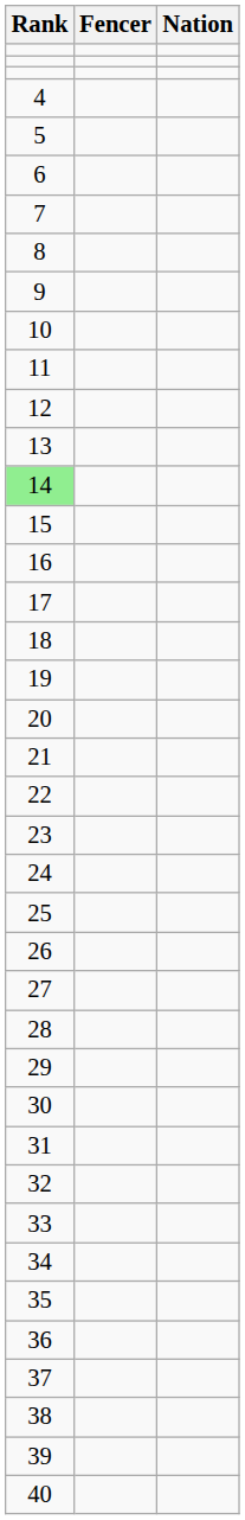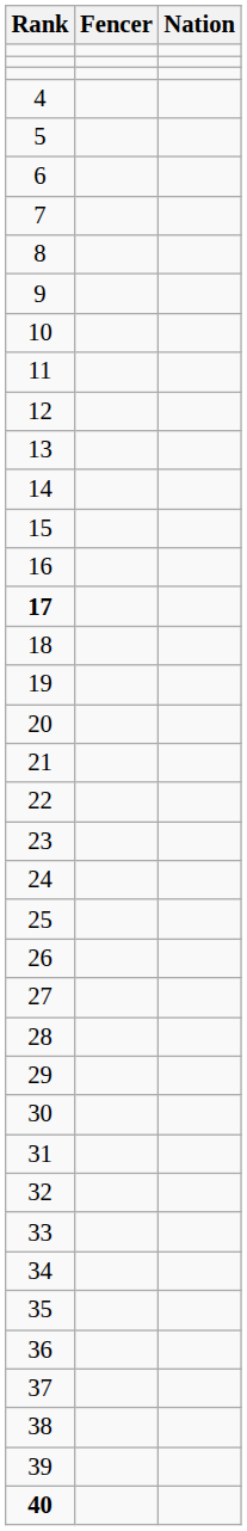 <table class="wikitable sortable" style="text-align:center">
 <tr>
 <th>Rank</th>
 <th>Fencer</th>
 <th>Nation</th>
 </tr>
 <tr>
 <td></td>
 <td align=left></td>
 <td align=left></td>
 </tr>
 <tr>
 <td></td>
 <td align=left></td>
 <td align=left></td>
 </tr>
 <tr>
 <td></td>
 <td align=left></td>
 <td align=left></td>
 </tr>
 <tr>
 <td>4</td>
 <td align=left></td>
 <td align=left></td>
 </tr>
 <tr>
 <td>5</td>
 <td align=left></td>
 <td align=left></td>
 </tr>
 <tr>
 <td>6</td>
 <td align=left></td>
 <td align=left></td>
 </tr>
 <tr>
 <td>7</td>
 <td align=left></td>
 <td align=left></td>
 </tr>
 <tr>
 <td>8</td>
 <td align=left></td>
 <td align=left></td>
 </tr>
 <tr>
 <td>9</td>
 <td align=left></td>
 <td align=left></td>
 </tr>
 <tr>
 <td>10</td>
 <td align=left></td>
 <td align=left></td>
 </tr>
 <tr>
 <td>11</td>
 <td align=left></td>
 <td align=left></td>
 </tr>
 <tr>
 <td>12</td>
 <td align=left></td>
 <td align=left></td>
 </tr>
 <tr>
 <td>13</td>
 <td align=left></td>
 <td align=left></td>
 </tr>
 <tr>
-<td style="background: lightgreen;">14</td>
+<td>14</td>
 <td align=left></td>
 <td align=left></td>
 </tr>
 <tr>
 <td>15</td>
 <td align=left></td>
 <td align=left></td>
 </tr>
 <tr>
 <td>16</td>
 <td align=left></td>
 <td align=left></td>
 </tr>
 <tr>
-<td>17</td>
+<td><strong>17</strong></td>
 <td align=left></td>
 <td align=left></td>
 </tr>
 <tr>
 <td>18</td>
 <td align=left></td>
 <td align=left></td>
 </tr>
 <tr>
 <td>19</td>
 <td align=left></td>
 <td align=left></td>
 </tr>
 <tr>
 <td>20</td>
 <td align=left></td>
 <td align=left></td>
 </tr>
 <tr>
 <td>21</td>
 <td align=left></td>
 <td align=left></td>
 </tr>
 <tr>
 <td>22</td>
 <td align=left></td>
 <td align=left></td>
 </tr>
 <tr>
 <td>23</td>
 <td align=left></td>
 <td align=left></td>
 </tr>
 <tr>
 <td>24</td>
 <td align=left></td>
 <td align=left></td>
 </tr>
 <tr>
 <td>25</td>
 <td align=left></td>
 <td align=left></td>
 </tr>
 <tr>
 <td>26</td>
 <td align=left></td>
 <td align=left></td>
 </tr>
 <tr>
 <td>27</td>
 <td align=left></td>
 <td align=left></td>
 </tr>
 <tr>
 <td>28</td>
 <td align=left></td>
 <td align=left></td>
 </tr>
 <tr>
 <td>29</td>
 <td align=left></td>
 <td align=left></td>
 </tr>
 <tr>
 <td>30</td>
 <td align=left></td>
 <td align=left></td>
 </tr>
 <tr>
 <td>31</td>
 <td align=left></td>
 <td align=left></td>
 </tr>
 <tr>
 <td>32</td>
 <td align=left></td>
 <td align=left></td>
 </tr>
 <tr>
 <td>33</td>
 <td align=left></td>
 <td align=left></td>
 </tr>
 <tr>
 <td>34</td>
 <td align=left></td>
 <td align=left></td>
 </tr>
 <tr>
 <td>35</td>
 <td align=left></td>
 <td align=left></td>
 </tr>
 <tr>
 <td>36</td>
 <td align=left></td>
 <td align=left></td>
 </tr>
 <tr>
 <td>37</td>
 <td align=left></td>
 <td align=left></td>
 </tr>
 <tr>
 <td>38</td>
 <td align=left></td>
 <td align=left></td>
 </tr>
 <tr>
 <td>39</td>
 <td align=left></td>
 <td align=left></td>
 </tr>
 <tr>
-<td>40</td>
+<td><strong>40</strong></td>
 <td align=left></td>
 <td align=left></td>
 </tr>
 </table>
